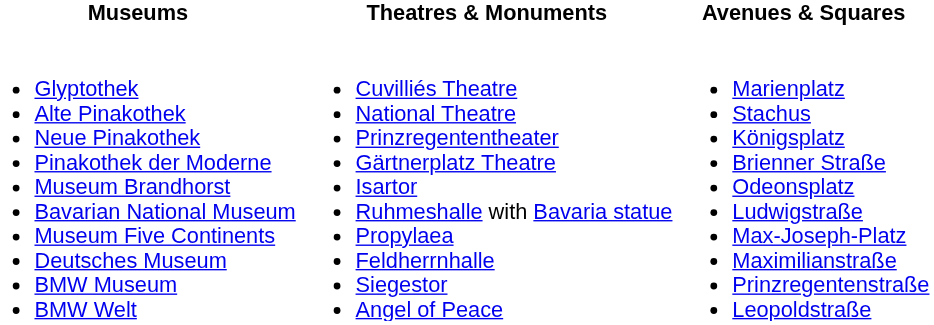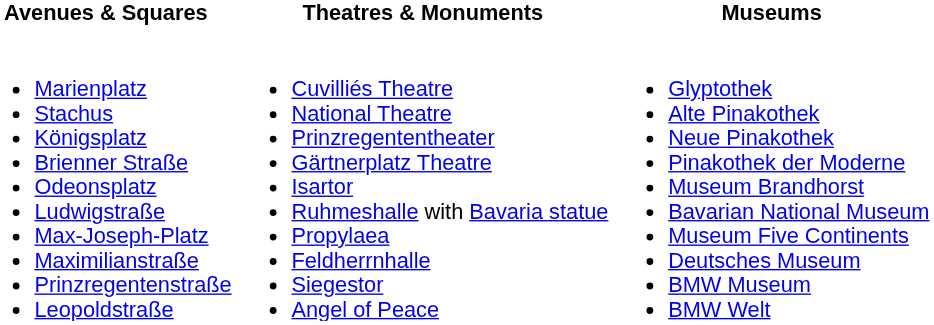 <table border="0">
 <tr class="hintergrundfarbe5">
+<th>Avenues & Squares</th>
+<th>Theatres & Monuments</th>
 <th>Museums</th>
-<th>Theatres & Monuments</th>
-<th>Avenues & Squares</th>
 </tr>
 <tr valign="top">
+<td><br><ul><li><a href='#'>Marienplatz</a></li><li><a href='#'>Stachus</a></li><li><a href='#'>Königsplatz</a></li><li><a href='#'>Brienner Straße</a></li><li><a href='#'>Odeonsplatz</a></li><li><a href='#'>Ludwigstraße</a></li><li><a href='#'>Max-Joseph-Platz</a></li><li><a href='#'>Maximilianstraße</a></li><li><a href='#'>Prinzregentenstraße</a></li><li><a href='#'>Leopoldstraße</a></li></ul></td>
+<td><br><ul><li><a href='#'>Cuvilliés Theatre</a></li><li><a href='#'>National Theatre</a></li><li><a href='#'>Prinzregententheater</a></li><li><a href='#'>Gärtnerplatz Theatre</a></li><li><a href='#'>Isartor</a></li><li><a href='#'>Ruhmeshalle</a> with <a href='#'>Bavaria statue</a></li><li><a href='#'>Propylaea</a></li><li><a href='#'>Feldherrnhalle</a></li><li><a href='#'>Siegestor</a></li><li><a href='#'>Angel of Peace</a></li></ul></td>
 <td><br><ul><li><a href='#'>Glyptothek</a></li><li><a href='#'>Alte Pinakothek</a></li><li><a href='#'>Neue Pinakothek</a></li><li><a href='#'>Pinakothek der Moderne</a></li><li><a href='#'>Museum Brandhorst</a></li><li><a href='#'>Bavarian National Museum</a></li><li><a href='#'>Museum Five Continents</a></li><li><a href='#'>Deutsches Museum</a></li><li><a href='#'>BMW Museum</a></li><li><a href='#'>BMW Welt</a></li></ul></td>
-<td><br><ul><li><a href='#'>Cuvilliés Theatre</a></li><li><a href='#'>National Theatre</a></li><li><a href='#'>Prinzregententheater</a></li><li><a href='#'>Gärtnerplatz Theatre</a></li><li><a href='#'>Isartor</a></li><li><a href='#'>Ruhmeshalle</a> with <a href='#'>Bavaria statue</a></li><li><a href='#'>Propylaea</a></li><li><a href='#'>Feldherrnhalle</a></li><li><a href='#'>Siegestor</a></li><li><a href='#'>Angel of Peace</a></li></ul></td>
-<td><br><ul><li><a href='#'>Marienplatz</a></li><li><a href='#'>Stachus</a></li><li><a href='#'>Königsplatz</a></li><li><a href='#'>Brienner Straße</a></li><li><a href='#'>Odeonsplatz</a></li><li><a href='#'>Ludwigstraße</a></li><li><a href='#'>Max-Joseph-Platz</a></li><li><a href='#'>Maximilianstraße</a></li><li><a href='#'>Prinzregentenstraße</a></li><li><a href='#'>Leopoldstraße</a></li></ul></td>
 </tr>
 </table>
